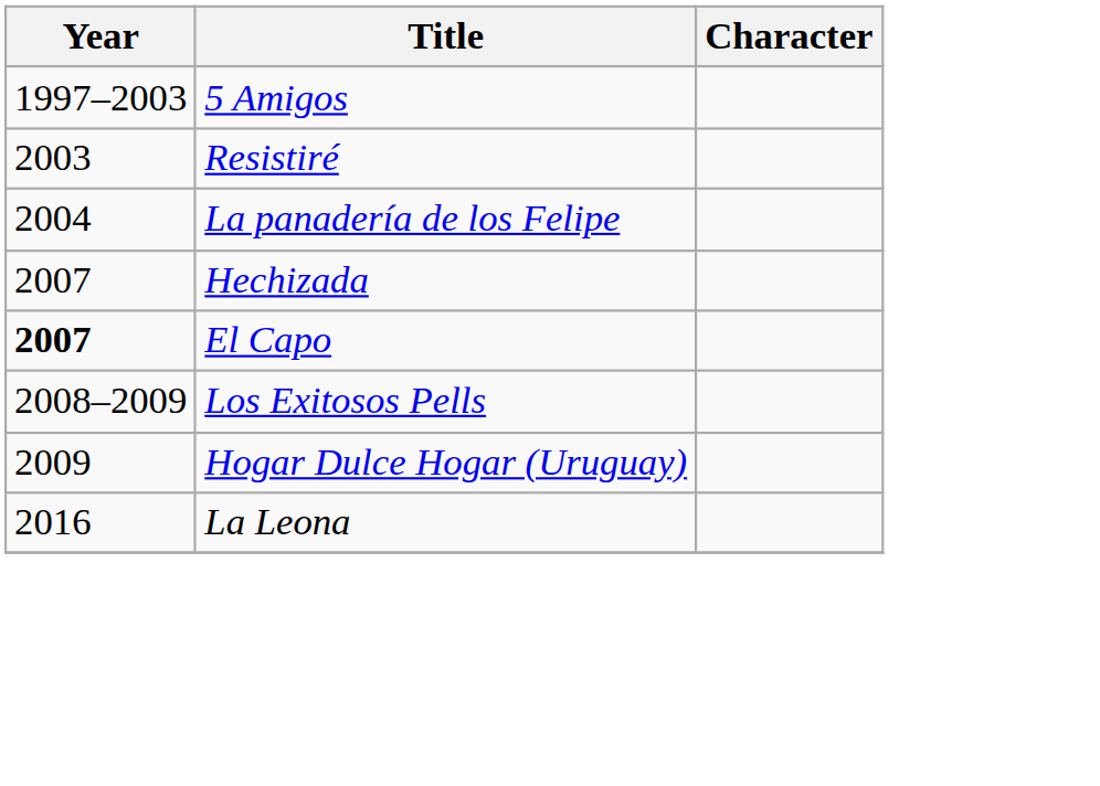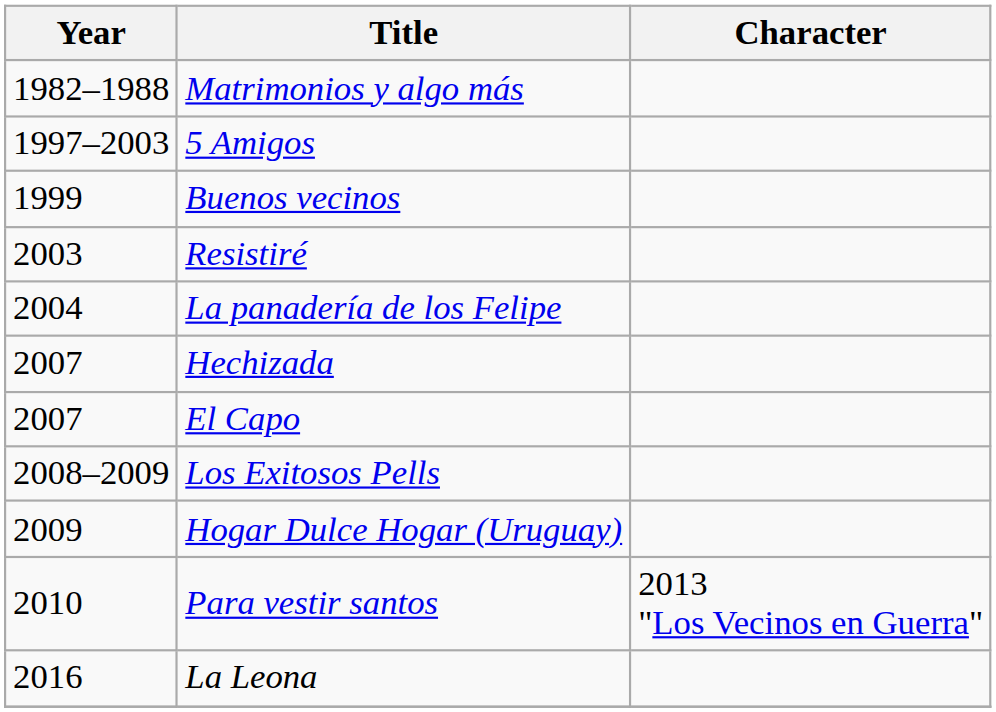 <table class="wikitable" style="display:inline-table;">
 <tr>
 <th>Year</th>
 <th>Title</th>
 <th>Character</th>
 </tr>
 <tr>
+<td>1982–1988</td>
+<td><em><a href='#'>Matrimonios y algo más</a></em></td>
+<td></td>
+</tr>
+<tr>
 <td>1997–2003</td>
 <td><em><a href='#'>5 Amigos</a></em></td>
+<td></td>
+</tr>
+<tr>
+<td>1999</td>
+<td><em><a href='#'>Buenos vecinos</a></em></td>
 <td></td>
 </tr>
 <tr>
 <td>2003</td>
 <td><em><a href='#'>Resistiré</a></em></td>
 <td></td>
 </tr>
 <tr>
 <td>2004</td>
 <td><em><a href='#'>La panadería de los Felipe</a></em></td>
 <td></td>
 </tr>
 <tr>
 <td>2007</td>
 <td><em><a href='#'>Hechizada</a></em></td>
 <td></td>
 </tr>
 <tr>
-<td><strong>2007</strong></td>
+<td>2007</td>
 <td><em><a href='#'>El Capo</a></em></td>
 <td></td>
 </tr>
 <tr>
 <td>2008–2009</td>
 <td><em><a href='#'>Los Exitosos Pells</a></em></td>
 <td></td>
 </tr>
 <tr>
 <td>2009</td>
 <td><em><a href='#'>Hogar Dulce Hogar (Uruguay)</a></em></td>
 <td></td>
 </tr>
 <tr>
+<td>2010</td>
+<td><em><a href='#'>Para vestir santos</a></em></td>
+<td>2013<br>"<a href='#'>Los Vecinos en Guerra</a>"</td>
+</tr>
+<tr>
 <td>2016</td>
 <td><em>La Leona</em></td>
 <td></td>
 </tr>
 <tr>
 </tr>
 </table>
